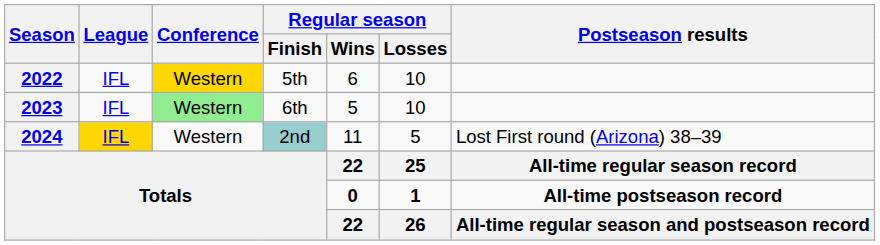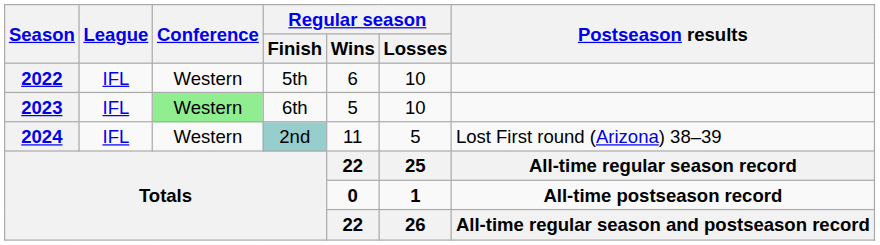 <table class="wikitable" style="text-align:center; font-size: 95%;">
 <tr>
 <th rowspan="2"><a href='#'>Season</a></th>
 <th rowspan="2"><a href='#'>League</a></th>
 <th rowspan="2"><a href='#'>Conference</a></th>
 <th colspan="3"><a href='#'>Regular season</a></th>
 <th rowspan="2"><a href='#'>Postseason</a> results</th>
 </tr>
 <tr>
 <th>Finish</th>
 <th>Wins</th>
 <th>Losses</th>
 </tr>
 <tr>
 <th><a href='#'>2022</a></th>
 <td><a href='#'>IFL</a></td>
-<td style="background: gold;">Western</td>
+<td>Western</td>
 <td>5th</td>
 <td>6</td>
 <td>10</td>
 <td></td>
 </tr>
 <tr>
 <th><a href='#'>2023</a></th>
 <td><a href='#'>IFL</a></td>
 <td style="background: lightgreen;">Western</td>
 <td>6th</td>
 <td>5</td>
 <td>10</td>
 <td></td>
 </tr>
 <tr>
 <th><a href='#'>2024</a></th>
-<td style="background: gold;"><a href='#'>IFL</a></td>
+<td><a href='#'>IFL</a></td>
 <td>Western</td>
 <td style="background:#96cdcd">2nd</td>
 <td>11</td>
 <td>5</td>
 <td align=left>Lost First round (<a href='#'>Arizona</a>) 38–39</td>
 </tr>
 <tr>
 <th rowspan="4" colspan="4">Totals</th>
 <th>22</th>
 <th>25</th>
 <th>All-time regular season record</th>
 </tr>
 <tr>
 <td><strong>0</strong></td>
 <td><strong>1</strong></td>
 <td><strong>All-time postseason record</strong></td>
 </tr>
 <tr>
 <th>22</th>
 <th>26</th>
 <th>All-time regular season and postseason record</th>
 </tr>
 </table>
